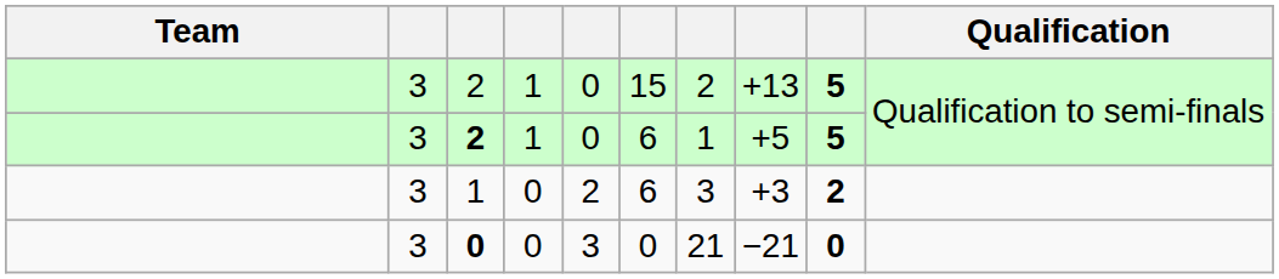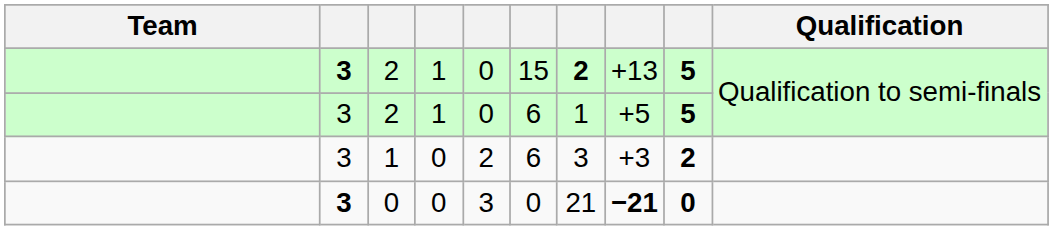 <table class="wikitable" style="text-align:center;">
 <tr>
 <th width=175>Team</th>
 <th width=20></th>
 <th width=20></th>
 <th width=20></th>
 <th width=20></th>
 <th width=20></th>
 <th width=20></th>
 <th width=20></th>
 <th width=20></th>
 <th>Qualification</th>
 </tr>
 <tr bgcolor="#ccffcc">
 <td align="left"></td>
-<td>3</td>
+<td><strong>3</strong></td>
 <td>2</td>
 <td>1</td>
 <td>0</td>
 <td>15</td>
-<td>2</td>
+<td><strong>2</strong></td>
 <td>+13</td>
 <td><strong>5</strong></td>
 <td rowspan="2">Qualification to semi-finals</td>
 </tr>
 <tr bgcolor="#ccffcc">
 <td align="left"></td>
 <td>3</td>
-<td><strong>2</strong></td>
+<td>2</td>
 <td>1</td>
 <td>0</td>
 <td>6</td>
 <td>1</td>
 <td>+5</td>
 <td><strong>5</strong></td>
 </tr>
 <tr>
 <td align="left"></td>
 <td>3</td>
 <td>1</td>
 <td>0</td>
 <td>2</td>
 <td>6</td>
 <td>3</td>
 <td>+3</td>
 <td><strong>2</strong></td>
 <td></td>
 </tr>
 <tr>
 <td align="left"></td>
-<td>3</td>
-<td><strong>0</strong></td>
+<td><strong>3</strong></td>
+<td>0</td>
 <td>0</td>
 <td>3</td>
 <td>0</td>
 <td>21</td>
-<td>−21</td>
+<td><strong>−21</strong></td>
 <td><strong>0</strong></td>
 <td></td>
 </tr>
 </table>
